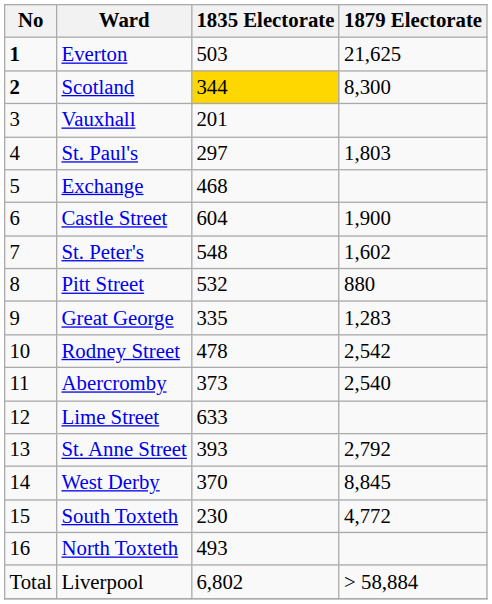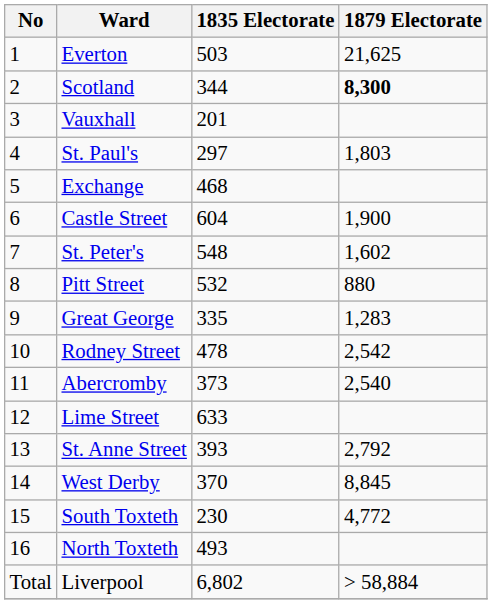 <table class="wikitable">
 <tr>
 <th>No</th>
 <th>Ward</th>
 <th>1835 Electorate</th>
 <th>1879 Electorate</th>
 </tr>
 <tr>
-<td><strong>1</strong></td>
+<td>1</td>
 <td><a href='#'>Everton</a></td>
 <td>503</td>
 <td>21,625</td>
 </tr>
 <tr>
-<td><strong>2</strong></td>
+<td>2</td>
 <td><a href='#'>Scotland</a></td>
-<td style="background: gold;">344</td>
-<td>8,300</td>
+<td>344</td>
+<td><strong>8,300</strong></td>
 </tr>
 <tr>
 <td>3</td>
 <td><a href='#'>Vauxhall</a></td>
 <td>201</td>
 <td></td>
 </tr>
 <tr>
 <td>4</td>
 <td><a href='#'>St. Paul's</a></td>
 <td>297</td>
 <td>1,803</td>
 </tr>
 <tr>
 <td>5</td>
 <td><a href='#'>Exchange</a></td>
 <td>468</td>
 <td></td>
 </tr>
 <tr>
 <td>6</td>
 <td><a href='#'>Castle Street</a></td>
 <td>604</td>
 <td>1,900</td>
 </tr>
 <tr>
 <td>7</td>
 <td><a href='#'>St. Peter's</a></td>
 <td>548</td>
 <td>1,602</td>
 </tr>
 <tr>
 <td>8</td>
 <td><a href='#'>Pitt Street</a></td>
 <td>532</td>
 <td>880</td>
 </tr>
 <tr>
 <td>9</td>
 <td><a href='#'>Great George</a></td>
 <td>335</td>
 <td>1,283</td>
 </tr>
 <tr>
 <td>10</td>
 <td><a href='#'>Rodney Street</a></td>
 <td>478</td>
 <td>2,542</td>
 </tr>
 <tr>
 <td>11</td>
 <td><a href='#'>Abercromby</a></td>
 <td>373</td>
 <td>2,540</td>
 </tr>
 <tr>
 <td>12</td>
 <td><a href='#'>Lime Street</a></td>
 <td>633</td>
 <td></td>
 </tr>
 <tr>
 <td>13</td>
 <td><a href='#'>St. Anne Street</a></td>
 <td>393</td>
 <td>2,792</td>
 </tr>
 <tr>
 <td>14</td>
 <td><a href='#'>West Derby</a></td>
 <td>370</td>
 <td>8,845</td>
 </tr>
 <tr>
 <td>15</td>
 <td><a href='#'>South Toxteth</a></td>
 <td>230</td>
 <td>4,772</td>
 </tr>
 <tr>
 <td>16</td>
 <td><a href='#'>North Toxteth</a></td>
 <td>493</td>
 <td></td>
 </tr>
 <tr>
 <td>Total</td>
 <td>Liverpool</td>
 <td>6,802</td>
 <td>> 58,884</td>
 </tr>
 <tr>
 </tr>
 </table>
